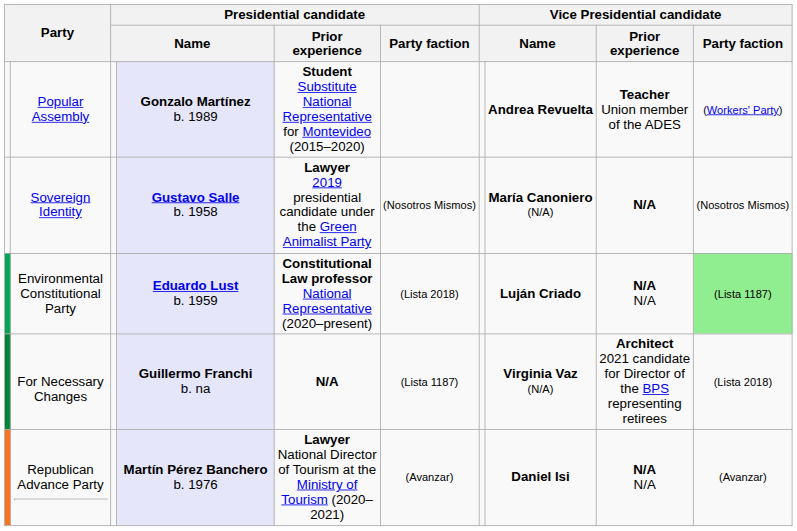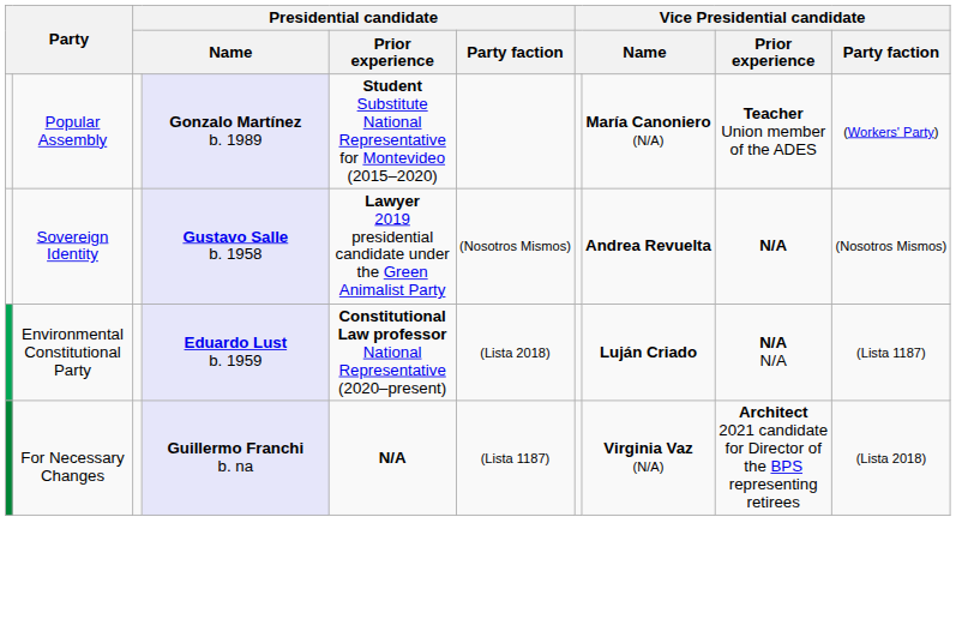 <table class="wikitable" style="text-align:center; width:795;">
 <tr>
 <th colspan="2" rowspan="2" style="width:120px;">Party</th>
 <th colspan="4" rowspan="1" style="width:310px;">Presidential candidate</th>
 <th colspan="4" rowspan="1" style="width:200px;">Vice Presidential candidate</th>
 </tr>
 <tr>
 <th colspan="2" style="width:190px;">Name<br></th>
 <th style="width:120px;">Prior experience</th>
 <th>Party faction</th>
 <th colspan="2" style="width:90px;">Name<br></th>
 <th style="width:110px;">Prior experience</th>
 <th>Party faction</th>
 </tr>
 <tr>
 <td style="background:"></td>
 <td style="width:113px;"> <a href='#'>Popular Assembly</a></td>
 <td></td>
 <td style="background:lavender;" data-sort-value="Gonzalo Martínez"><strong>Gonzalo Martínez</strong><br>b. 1989 </td>
 <td><strong>Student</strong><br><a href='#'>Substitute National Representative</a> for <a href='#'>Montevideo</a> (2015–2020)</td>
 <td> </td>
 <td></td>
-<td><strong>Andrea Revuelta</strong><br></td>
+<td><strong>María Canoniero</strong><br><small>(N/A)</small></td>
 <td><strong>Teacher</strong><br>Union member of the ADES</td>
 <td> <small>(<a href='#'>Workers' Party</a>)</small></td>
 </tr>
 <tr>
 <td style="background:"></td>
 <td><a href='#'>Sovereign Identity</a></td>
 <td></td>
 <td style="background:lavender;" data-sort-value="Gustavo Salle"><strong><a href='#'>Gustavo Salle</a></strong><br>b. 1958 </td>
 <td><strong>Lawyer</strong><br><a href='#'>2019</a> presidential candidate under the <a href='#'>Green Animalist Party</a></td>
 <td><small>(Nosotros Mismos)</small></td>
 <td></td>
-<td><strong>María Canoniero</strong><br><small>(N/A)</small></td>
+<td><strong>Andrea Revuelta</strong><br></td>
 <td><strong>N/A</strong></td>
 <td><small>(Nosotros Mismos)</small></td>
 </tr>
 <tr>
 <td style="background:#00a655"></td>
 <td>Environmental Constitutional Party</td>
 <td></td>
 <td style="background:lavender;" data-sort-value="Eduardo Lust"><strong><a href='#'>Eduardo Lust</a></strong><br>b. 1959 </td>
 <td><strong>Constitutional Law professor</strong><br><a href='#'>National Representative</a> (2020–present)</td>
 <td><small>(Lista 2018)</small></td>
 <td></td>
 <td><strong>Luján Criado</strong></td>
 <td><strong>N/A</strong><br>N/A</td>
-<td style="background: lightgreen;"><small>(Lista 1187)</small></td>
+<td><small>(Lista 1187)</small></td>
 </tr>
 <tr>
 <td style="background:#008536"></td>
 <td><br>For Necessary Changes</td>
 <td></td>
 <td style="background:lavender;" data-sort-value="Guillermo Franchi"><strong>Guillermo Franchi</strong><br>b. na</td>
 <td><strong>N/A</strong></td>
 <td><small>(Lista 1187)</small></td>
 <td></td>
 <td><strong>Virginia Vaz</strong><br><small>(N/A)</small></td>
 <td><strong>Architect</strong><br>2021 candidate for Director of the <a href='#'>BPS</a> representing retirees</td>
 <td><small>(Lista 2018)</small></td>
 </tr>
-<tr>
-<td style="background:#fd731b"></td>
-<td><br>Republican Advance Party<hr></td>
-<td></td>
-<td style="background:lavender;" data-sort-value="Martín Pérez"><strong>Martín Pérez Banchero</strong><br>b. 1976 </td>
-<td><strong>Lawyer</strong><br>National Director of Tourism at the <a href='#'>Ministry of Tourism</a> (2020–2021)</td>
-<td><small>(Avanzar)</small></td>
-<td></td>
-<td><strong>Daniel Isi</strong></td>
-<td><strong>N/A</strong><br>N/A</td>
-<td><small>(Avanzar)</small></td>
-</tr>
 </table>
